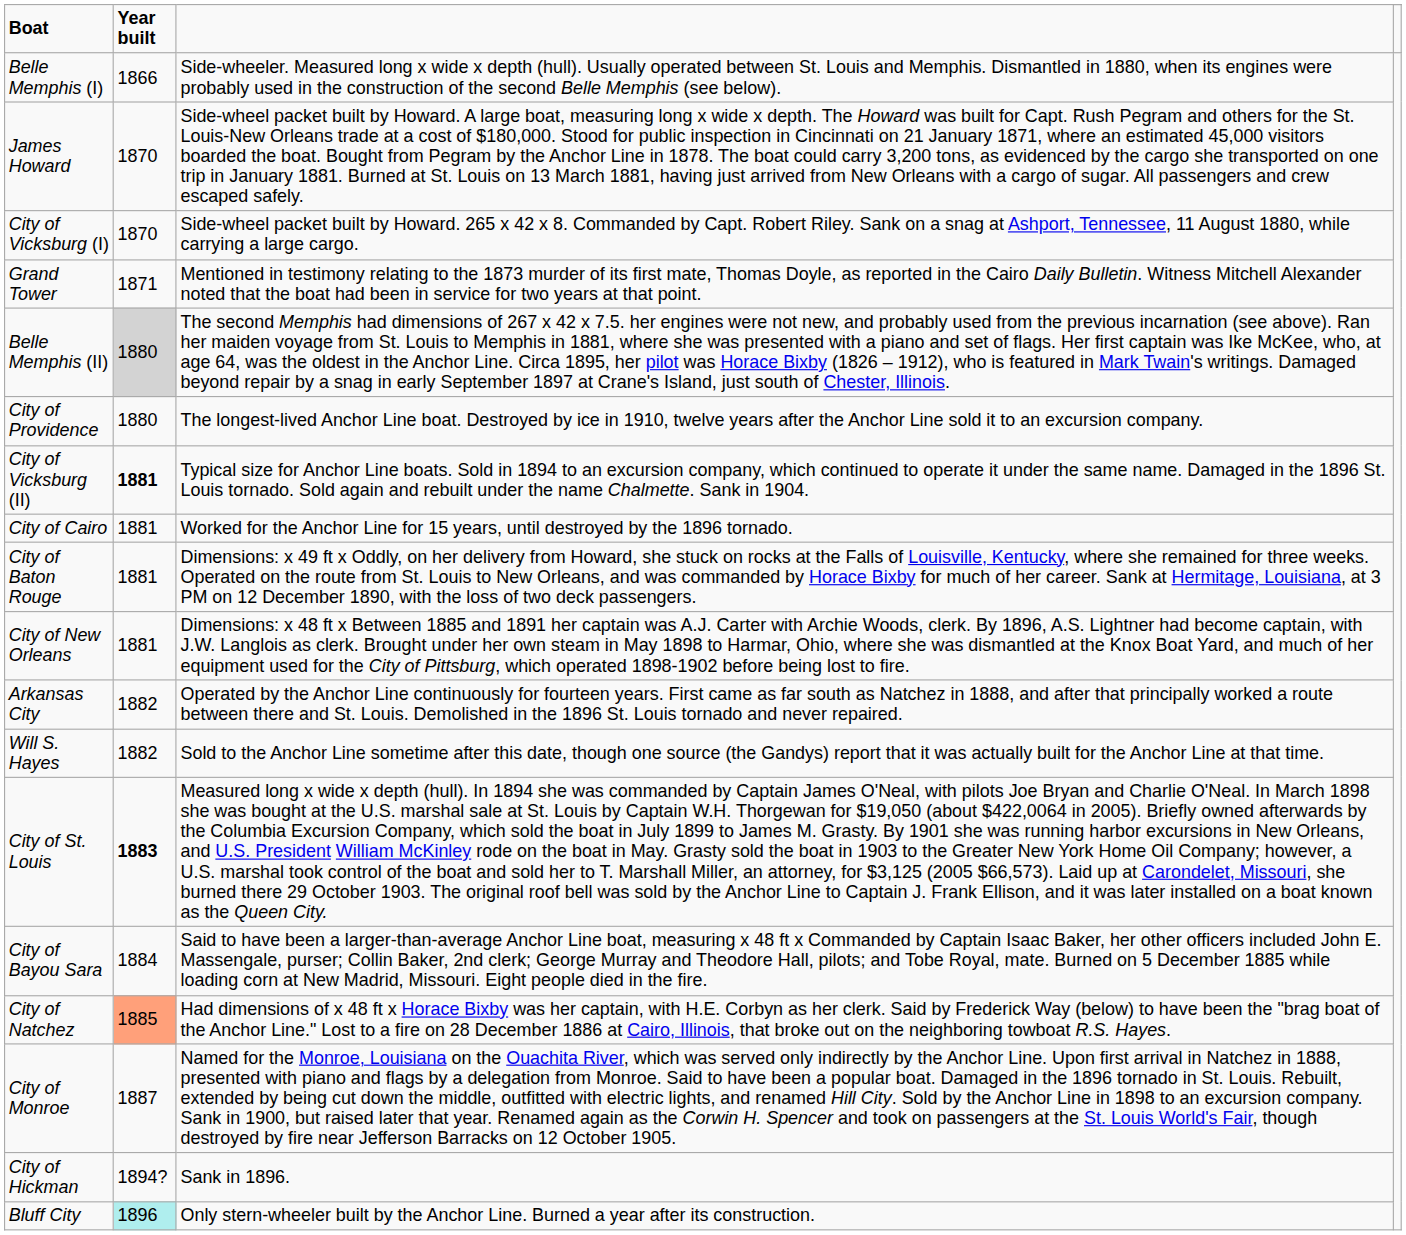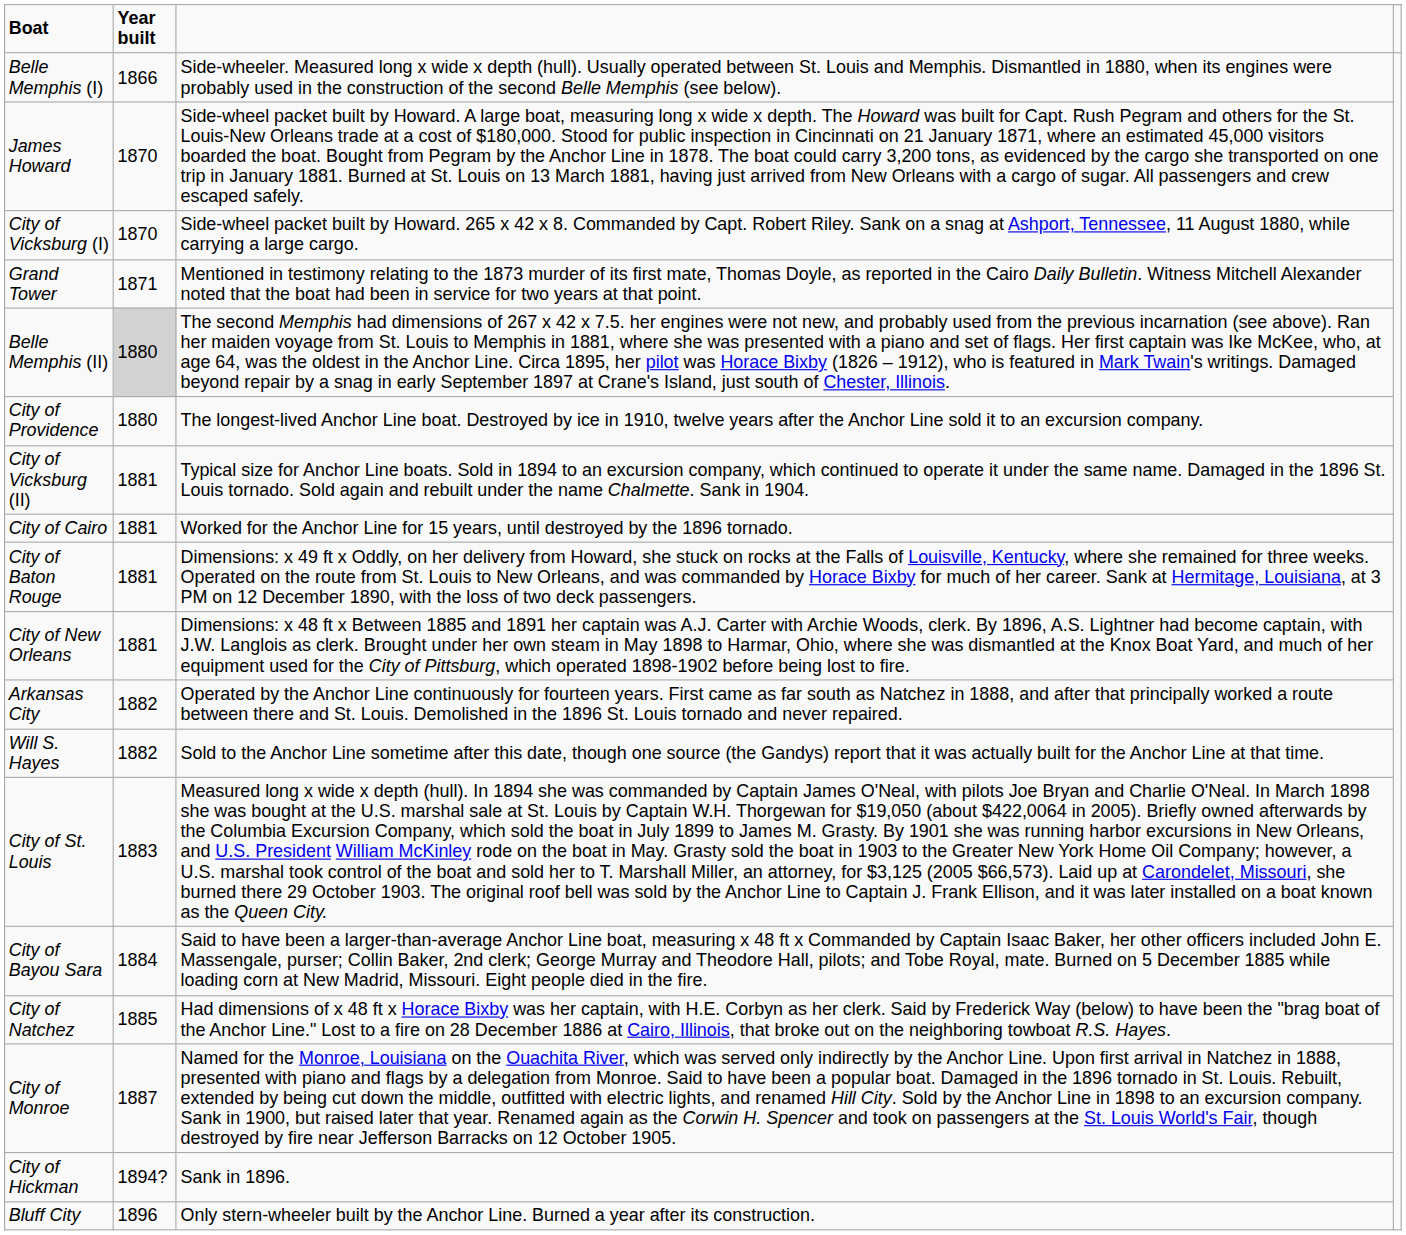 <table class="wikitable">
 <tr>
 <td rowspan="2"><strong>Boat</strong></td>
 <td rowspan="2"><strong>Year built</strong></td>
 <td rowspan="2"></td>
 </tr>
 <tr>
 <td></td>
 </tr>
 <tr>
 <td><em>Belle Memphis</em> (I)</td>
 <td>1866</td>
 <td>Side-wheeler.  Measured  long x  wide x  depth (hull). Usually operated between St. Louis and Memphis. Dismantled in 1880, when its engines were probably used in the construction of the second <em>Belle Memphis</em> (see below).</td>
 </tr>
 <tr>
 <td><em>James Howard</em></td>
 <td>1870</td>
 <td>Side-wheel packet built by Howard. A large boat, measuring  long x  wide x  depth. The <em>Howard</em> was built for Capt. Rush Pegram and others for the St. Louis-New Orleans trade at a cost of $180,000. Stood for public inspection in Cincinnati on 21 January 1871, where an estimated 45,000 visitors boarded the boat. Bought from Pegram by the Anchor Line in 1878. The boat could carry 3,200 tons, as evidenced by the cargo she transported on one trip in January 1881. Burned at St. Louis on 13 March 1881, having just arrived from New Orleans with a cargo of sugar. All passengers and crew escaped safely.</td>
 </tr>
 <tr>
 <td><em>City of Vicksburg</em> (I)</td>
 <td>1870</td>
 <td>Side-wheel packet built by Howard. 265 x 42 x 8. Commanded by Capt. Robert Riley. Sank on a snag at <a href='#'>Ashport, Tennessee</a>, 11 August 1880, while carrying a large cargo.</td>
 </tr>
 <tr>
 <td><em>Grand Tower</em></td>
 <td>1871</td>
 <td>Mentioned in testimony relating to the 1873 murder of its first mate, Thomas Doyle, as reported in the Cairo <em>Daily Bulletin</em>. Witness Mitchell Alexander noted that the boat had been in service for two years at that point.</td>
 </tr>
 <tr>
 <td><em>Belle Memphis</em> (II)</td>
 <td style="background: lightgrey;">1880</td>
 <td>The second <em>Memphis</em> had dimensions of 267 x 42 x 7.5. her engines were not new, and probably used from the previous incarnation (see above). Ran her maiden voyage from St. Louis to Memphis in 1881, where she was presented with a piano and set of flags. Her first captain was Ike McKee, who, at age 64, was the oldest in the Anchor Line. Circa 1895, her <a href='#'>pilot</a> was <a href='#'>Horace Bixby</a> (1826 – 1912), who is featured in <a href='#'>Mark Twain</a>'s writings. Damaged beyond repair by a snag in early September 1897 at Crane's Island, just south of <a href='#'>Chester, Illinois</a>.</td>
 </tr>
 <tr>
 <td><em>City of Providence</em></td>
 <td>1880</td>
 <td>The longest-lived Anchor Line boat. Destroyed by ice in 1910, twelve years after the Anchor Line sold it to an excursion company.</td>
 </tr>
 <tr>
 <td><em>City of Vicksburg</em> (II)</td>
-<td><strong>1881</strong></td>
+<td>1881</td>
 <td>Typical size for Anchor Line boats. Sold in 1894 to an excursion company, which continued to operate it under the same name. Damaged in the 1896 St. Louis tornado. Sold again and rebuilt under the name <em>Chalmette</em>. Sank in 1904.</td>
 </tr>
 <tr>
 <td><em>City of Cairo</em></td>
 <td>1881</td>
 <td>Worked for the Anchor Line for 15 years, until destroyed by the 1896 tornado.</td>
 </tr>
 <tr>
 <td><em>City of Baton Rouge</em></td>
 <td>1881</td>
 <td>Dimensions:  x 49 ft x  Oddly, on her delivery from Howard, she stuck on rocks at the Falls of <a href='#'>Louisville, Kentucky</a>, where she remained for three weeks. Operated on the route from St. Louis to New Orleans, and was commanded by <a href='#'>Horace Bixby</a> for much of her career. Sank at <a href='#'>Hermitage, Louisiana</a>, at 3 PM on 12 December 1890, with the loss of two deck passengers.</td>
 </tr>
 <tr>
 <td><em>City of New Orleans</em></td>
 <td>1881</td>
 <td>Dimensions:  x 48 ft x  Between 1885 and 1891 her captain was A.J. Carter with Archie Woods, clerk. By 1896, A.S. Lightner had become captain, with J.W. Langlois as clerk. Brought under her own steam in May 1898 to Harmar, Ohio, where she was dismantled at the Knox Boat Yard, and much of her equipment used for the <em>City of Pittsburg</em>, which operated 1898-1902 before being lost to fire.</td>
 </tr>
 <tr>
 <td><em>Arkansas City</em></td>
 <td>1882</td>
 <td>Operated by the Anchor Line continuously for fourteen years. First came as far south as Natchez in 1888, and after that principally worked a route between there and St. Louis. Demolished in the 1896 St. Louis tornado and never repaired.</td>
 </tr>
 <tr>
 <td><em>Will S. Hayes</em></td>
 <td>1882</td>
 <td>Sold to the Anchor Line sometime after this date, though one source (the Gandys) report that it was actually built for the Anchor Line at that time.</td>
 </tr>
 <tr>
 <td><em>City of St. Louis</em></td>
-<td><strong>1883</strong></td>
+<td>1883</td>
 <td>Measured  long x  wide x  depth (hull). In 1894 she was commanded by Captain James O'Neal, with pilots Joe Bryan and Charlie O'Neal. In March 1898 she was bought at the U.S. marshal sale at St. Louis by Captain W.H. Thorgewan for $19,050 (about $422,0064 in 2005). Briefly owned afterwards by the Columbia Excursion Company, which sold the boat in July 1899 to James M. Grasty. By 1901 she was running harbor excursions in New Orleans, and <a href='#'>U.S. President</a> <a href='#'>William McKinley</a> rode on the boat in May. Grasty sold the boat in 1903 to the Greater New York Home Oil Company; however, a U.S. marshal took control of the boat and sold her to T. Marshall Miller, an attorney, for $3,125 (2005 $66,573). Laid up at <a href='#'>Carondelet, Missouri</a>, she burned there 29 October 1903. The original roof bell was sold by the Anchor Line to Captain J. Frank Ellison, and it was later installed on a boat known as the <em>Queen City.</em></td>
 </tr>
 <tr>
 <td><em>City of Bayou Sara</em></td>
 <td>1884</td>
 <td>Said to have been a larger-than-average Anchor Line boat, measuring   x 48 ft x  Commanded by Captain Isaac Baker, her other officers included John E. Massengale, purser; Collin Baker, 2nd clerk; George Murray and Theodore Hall, pilots; and Tobe Royal, mate. Burned on 5 December 1885 while loading corn at New Madrid, Missouri. Eight people died in the fire.</td>
 </tr>
 <tr>
 <td><em>City of Natchez</em></td>
-<td style="background: lightsalmon;">1885</td>
+<td>1885</td>
 <td>Had dimensions of  x 48 ft x  <a href='#'>Horace Bixby</a> was her captain, with H.E. Corbyn as her clerk. Said by Frederick Way (below) to have been the "brag boat of the Anchor Line." Lost to a fire on 28 December 1886 at <a href='#'>Cairo, Illinois</a>, that broke out on the neighboring  towboat <em>R.S. Hayes</em>.</td>
 </tr>
 <tr>
 <td><em>City of Monroe</em></td>
 <td>1887</td>
 <td>Named for the <a href='#'>Monroe, Louisiana</a> on the <a href='#'>Ouachita River</a>, which was served only indirectly by the Anchor Line. Upon first arrival in Natchez in 1888, presented with piano and flags by a delegation from Monroe. Said to have been a popular boat. Damaged in the 1896 tornado in St. Louis. Rebuilt, extended by being cut down the middle, outfitted with electric lights, and renamed <em>Hill City</em>. Sold by the Anchor Line in 1898 to an excursion company. Sank in 1900, but raised later that year. Renamed again as the <em>Corwin H. Spencer</em> and took on passengers at the <a href='#'>St. Louis World's Fair</a>, though destroyed by fire near Jefferson Barracks on 12 October 1905.</td>
 </tr>
 <tr>
 <td><em>City of Hickman</em></td>
 <td>1894?</td>
 <td>Sank in 1896.</td>
 </tr>
 <tr>
 <td><em>Bluff City</em></td>
-<td style="background: paleturquoise;">1896</td>
+<td>1896</td>
 <td>Only stern-wheeler built by the Anchor Line. Burned a year after its construction.</td>
 </tr>
 </table>
